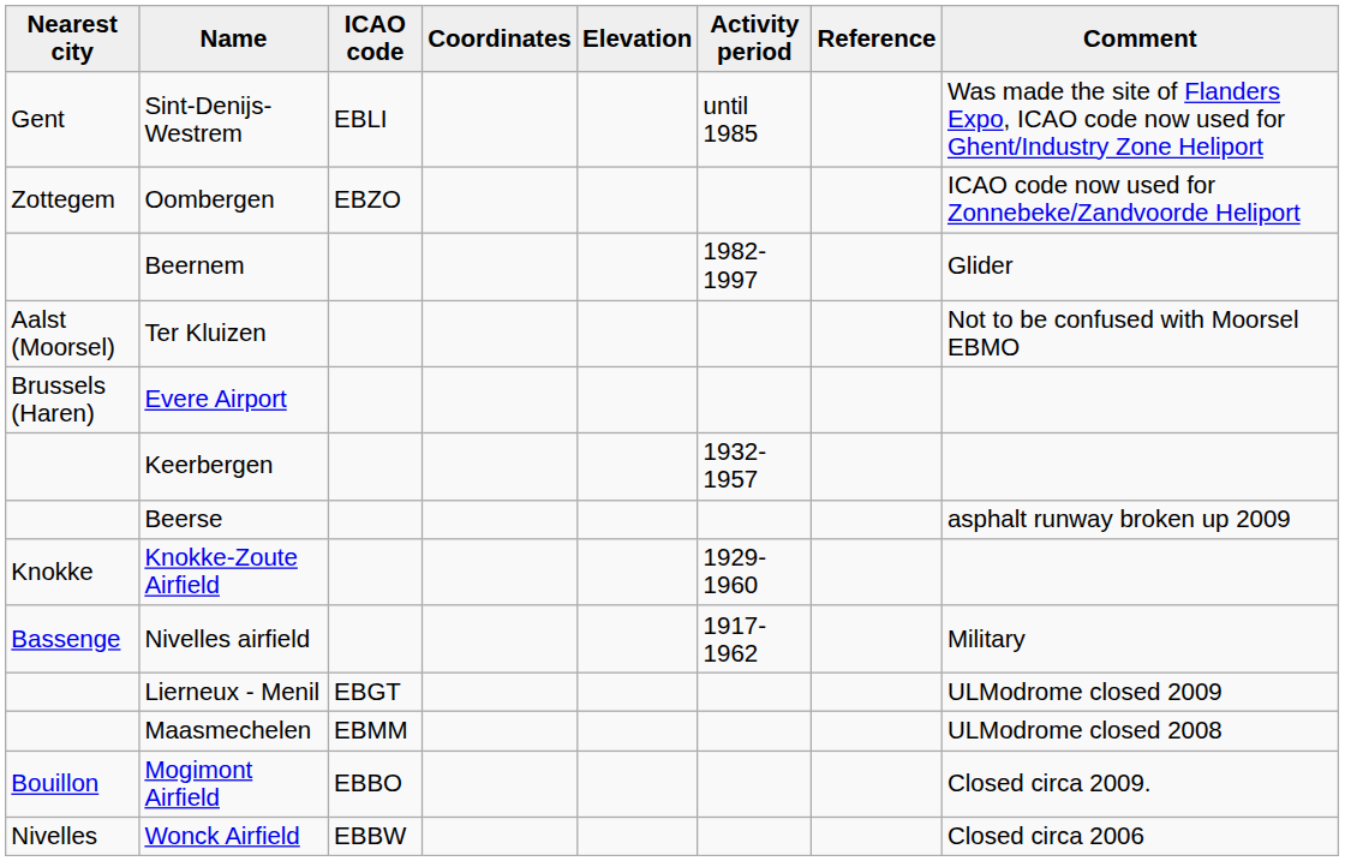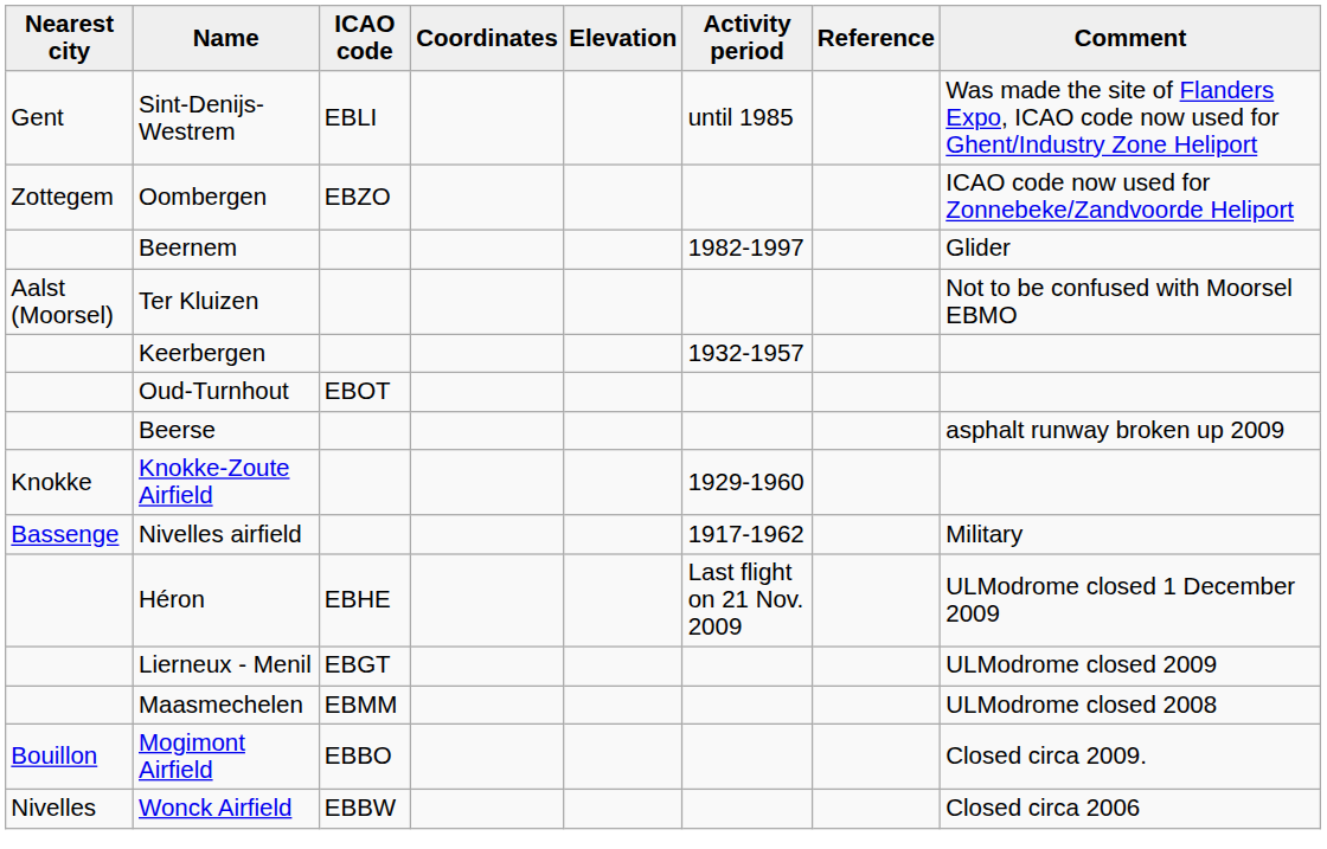 <table border="1" cellpadding="5" cellspacing="0" align="center" class="wikitable">
 <tr>
 <th style="background:#efefef;">Nearest city</th>
 <th style="background:#efefef;">Name</th>
 <th style="background:#efefef;">ICAO code</th>
 <th style="background:#efefef;">Coordinates</th>
 <th style="background:#efefef;">Elevation</th>
 <th style="background:#efefef;">Activity period</th>
 <th style="bqckground:#efefef;">Reference</th>
 <th style="background:#efefef;">Comment</th>
 </tr>
 <tr>
 <td>Gent</td>
 <td>Sint-Denijs-Westrem</td>
 <td>EBLI</td>
 <td></td>
 <td></td>
 <td>until 1985</td>
 <td></td>
 <td>Was made the site of <a href='#'>Flanders Expo</a>, ICAO code now used for <a href='#'>Ghent/Industry Zone Heliport</a></td>
 </tr>
 <tr>
 <td>Zottegem</td>
 <td>Oombergen</td>
 <td>EBZO</td>
 <td></td>
 <td></td>
 <td></td>
 <td></td>
 <td>ICAO code now used for <a href='#'>Zonnebeke/Zandvoorde Heliport</a></td>
 </tr>
 <tr>
 <td></td>
 <td>Beernem</td>
 <td></td>
 <td></td>
 <td></td>
 <td>1982-1997</td>
 <td></td>
 <td>Glider</td>
 </tr>
 <tr>
 <td>Aalst (Moorsel)</td>
 <td>Ter Kluizen</td>
 <td></td>
 <td></td>
 <td></td>
 <td></td>
 <td></td>
 <td>Not to be confused with Moorsel EBMO</td>
 </tr>
 <tr>
-<td>Brussels (Haren)</td>
-<td><a href='#'>Evere Airport</a></td>
-<td></td>
-<td></td>
-<td></td>
-<td></td>
-<td></td>
-<td></td>
-</tr>
-<tr>
 <td></td>
 <td>Keerbergen</td>
 <td></td>
 <td></td>
 <td></td>
 <td>1932-1957</td>
+<td></td>
+<td></td>
+</tr>
+<tr>
+<td></td>
+<td>Oud-Turnhout</td>
+<td>EBOT</td>
+<td></td>
+<td></td>
+<td></td>
 <td></td>
 <td></td>
 </tr>
 <tr>
 <td></td>
 <td>Beerse</td>
 <td></td>
 <td></td>
 <td></td>
 <td></td>
 <td></td>
 <td> asphalt runway broken up 2009</td>
 </tr>
 <tr>
 <td>Knokke</td>
 <td><a href='#'>Knokke-Zoute Airfield</a></td>
 <td></td>
 <td></td>
 <td></td>
 <td>1929-1960</td>
 <td></td>
 </tr>
 <tr>
 <td><a href='#'>Bassenge</a></td>
 <td>Nivelles airfield</td>
 <td></td>
 <td></td>
 <td></td>
 <td>1917-1962</td>
 <td></td>
 <td>Military</td>
+</tr>
+<tr>
+<td></td>
+<td>Héron</td>
+<td>EBHE</td>
+<td></td>
+<td></td>
+<td>Last flight on 21 Nov. 2009</td>
+<td></td>
+<td>ULModrome closed 1 December 2009</td>
 </tr>
 <tr>
 <td></td>
 <td>Lierneux - Menil</td>
 <td>EBGT</td>
 <td></td>
 <td></td>
 <td></td>
 <td></td>
 <td>ULModrome closed 2009</td>
 </tr>
 <tr>
 <td></td>
 <td>Maasmechelen</td>
 <td>EBMM</td>
 <td></td>
 <td></td>
 <td></td>
 <td></td>
 <td>ULModrome closed 2008</td>
 </tr>
 <tr>
 <td><a href='#'>Bouillon</a></td>
 <td><a href='#'>Mogimont Airfield</a></td>
 <td>EBBO</td>
 <td></td>
 <td></td>
 <td></td>
 <td></td>
 <td>Closed circa 2009.</td>
 </tr>
 <tr>
 <td>Nivelles</td>
 <td><a href='#'>Wonck Airfield</a></td>
 <td>EBBW</td>
 <td></td>
 <td></td>
 <td></td>
 <td></td>
 <td>Closed circa 2006</td>
 </tr>
 </table>
